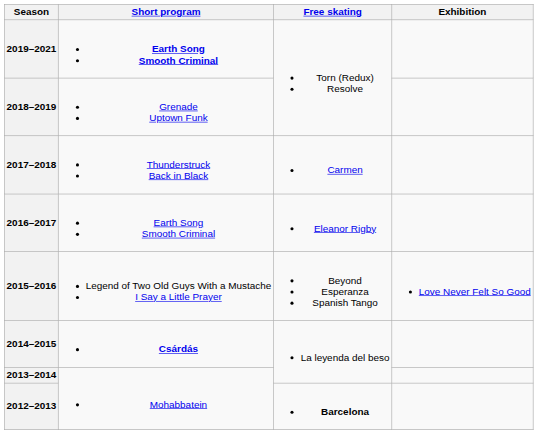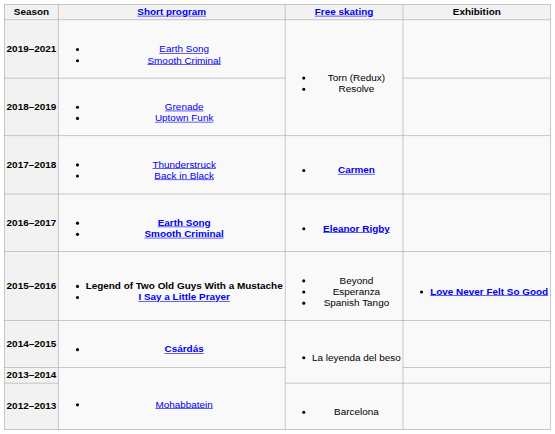 <table class=wikitable style=text-align:center>
 <tr>
 <th>Season</th>
 <th><a href='#'>Short program</a></th>
 <th><a href='#'>Free skating</a></th>
 <th>Exhibition</th>
 </tr>
 <tr>
 <th>2019–2021 <br></th>
-<td><strong><br><ul><li><a href='#'>Earth Song</a></li><li><a href='#'>Smooth Criminal</a> <br></li></ul></strong></td>
+<td><br><ul><li><a href='#'>Earth Song</a></li><li><a href='#'>Smooth Criminal</a> <br></li></ul></td>
 <td rowspan=2><br><ul><li>Torn (Redux) <br></li><li>Resolve <br></li></ul></td>
 <td></td>
 </tr>
 <tr>
 <th>2018–2019 <br></th>
 <td><br><ul><li><a href='#'>Grenade</a></li><li><a href='#'>Uptown Funk</a> <br></li></ul></td>
 <td></td>
 </tr>
 <tr>
 <th>2017–2018 <br></th>
 <td><br><ul><li><a href='#'>Thunderstruck</a> <br></li><li><a href='#'>Back in Black</a> <br></li></ul></td>
-<td><br><ul><li><a href='#'>Carmen</a> <br></li></ul></td>
+<td><strong><br><ul><li><a href='#'>Carmen</a> <br></li></ul></strong></td>
 <td></td>
 </tr>
 <tr>
 <th>2016–2017 <br> </th>
-<td><br><ul><li><a href='#'>Earth Song</a> <br></li><li><a href='#'>Smooth Criminal</a> <br></li></ul></td>
-<td><br><ul><li><a href='#'>Eleanor Rigby</a> <br></li></ul></td>
+<td><strong><br><ul><li><a href='#'>Earth Song</a> <br></li><li><a href='#'>Smooth Criminal</a> <br></li></ul></strong></td>
+<td><strong><br><ul><li><a href='#'>Eleanor Rigby</a> <br></li></ul></strong></td>
 <td></td>
 </tr>
 <tr>
 <th>2015–2016 <br> </th>
-<td><br><ul><li>Legend of Two Old Guys With a Mustache <br></li><li><a href='#'>I Say a Little Prayer</a> <br></li></ul></td>
+<td><strong><br><ul><li>Legend of Two Old Guys With a Mustache <br></li><li><a href='#'>I Say a Little Prayer</a> <br></li></ul></strong></td>
 <td><br><ul><li>Beyond <br></li><li>Esperanza <br></li><li>Spanish Tango <br></li></ul></td>
-<td><br><ul><li><a href='#'>Love Never Felt So Good</a> <br></li></ul></td>
+<td><strong><br><ul><li><a href='#'>Love Never Felt So Good</a> <br></li></ul></strong></td>
 </tr>
 <tr>
 <th>2014–2015 <br> </th>
 <td><strong><br><ul><li><a href='#'>Csárdás</a></li></ul></strong></td>
 <td rowspan=2><br><ul><li>La leyenda del beso <br></li></ul></td>
 <td></td>
 </tr>
 <tr>
 <th>2013–2014 <br> </th>
 <td rowspan=2><br><ul><li><a href='#'>Mohabbatein</a> <br></li></ul></td>
 <td></td>
 </tr>
 <tr>
 <th>2012–2013 <br> </th>
-<td><strong><br><ul><li>Barcelona <br></li></ul></strong></td>
+<td><br><ul><li>Barcelona <br></li></ul></td>
 <td></td>
 </tr>
 </table>
